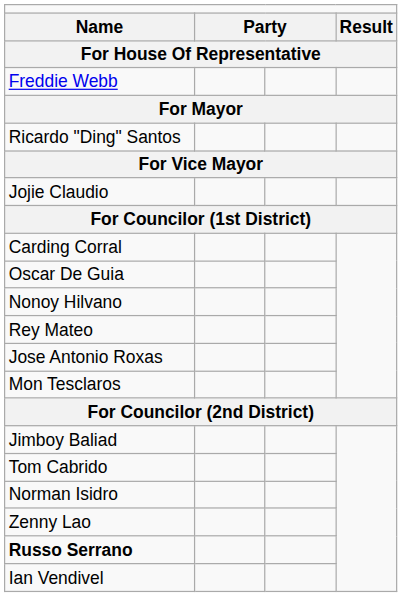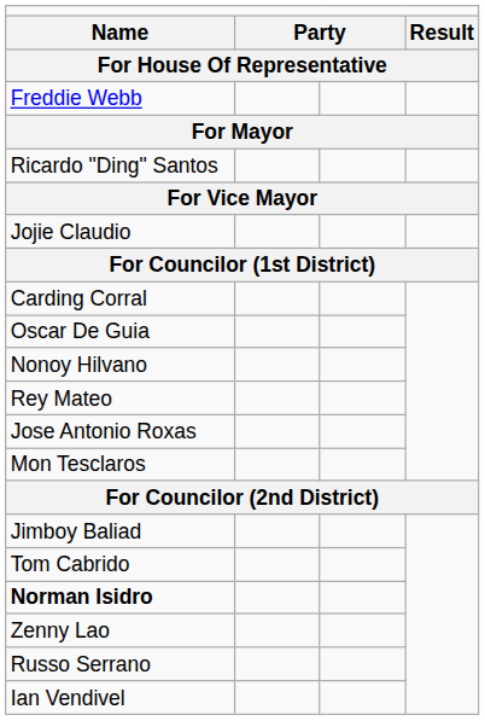 <table class="wikitable" style="font-size:90%">
 <tr>
 <td colspan="5" style="color:inherit;background:"></td>
 </tr>
 <tr>
 <th width="150px">Name</th>
 <th colspan="2" width="110px">Party</th>
 <th>Result</th>
 </tr>
 <tr>
 <th colspan="4">For House Of Representative</th>
 </tr>
 <tr>
 <td><a href='#'>Freddie Webb</a></td>
 <td></td>
 <td></td>
 </tr>
 <tr>
 <th colspan="4">For Mayor</th>
 </tr>
 <tr>
 <td>Ricardo "Ding" Santos</td>
 <td></td>
 <td></td>
 </tr>
 <tr>
 <th colspan="4">For Vice Mayor</th>
 </tr>
 <tr>
 <td>Jojie Claudio</td>
 <td></td>
 <td></td>
 </tr>
 <tr>
 <th colspan="4">For Councilor (1st District)</th>
 </tr>
 <tr>
 <td>Carding Corral</td>
 <td></td>
 <td></td>
 </tr>
 <tr>
 <td>Oscar De Guia</td>
 <td></td>
 <td></td>
 </tr>
 <tr>
 <td>Nonoy Hilvano</td>
 <td></td>
 <td></td>
 </tr>
 <tr>
 <td>Rey Mateo</td>
 <td></td>
 <td></td>
 </tr>
 <tr>
 <td>Jose Antonio Roxas</td>
 <td></td>
 <td></td>
 </tr>
 <tr>
 <td>Mon Tesclaros</td>
 <td></td>
 <td></td>
 </tr>
 <tr>
 <th colspan="4">For Councilor (2nd District)</th>
 </tr>
 <tr>
 <td>Jimboy Baliad</td>
 <td></td>
 <td></td>
 </tr>
 <tr>
 <td>Tom Cabrido</td>
 <td></td>
 <td></td>
 </tr>
 <tr>
-<td>Norman Isidro</td>
+<td><strong>Norman Isidro</strong></td>
 <td></td>
 <td></td>
 </tr>
 <tr>
 <td>Zenny Lao</td>
 <td></td>
 <td></td>
 </tr>
 <tr>
-<td><strong>Russo Serrano</strong></td>
+<td>Russo Serrano</td>
 <td></td>
 <td></td>
 </tr>
 <tr>
 <td>Ian Vendivel</td>
 <td></td>
 <td></td>
 </tr>
 </table>
